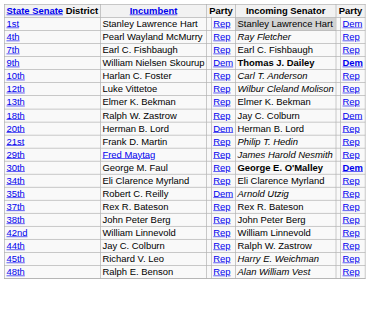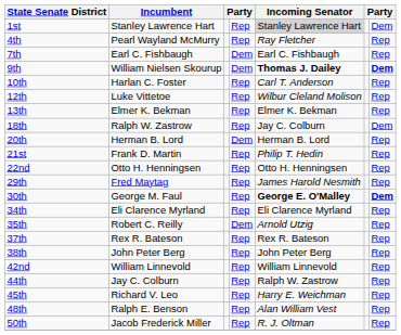 <table class="sortable wikitable" style="font-size:95%;line-height:14px;">
 <tr>
 <th class="unsortable"><a href='#'>State Senate</a> District</th>
 <th class="unsortable"><a href='#'>Incumbent</a></th>
 <th colspan="2">Party</th>
 <th class="unsortable">Incoming Senator</th>
 <th colspan="2">Party</th>
 </tr>
 <tr>
 <td><a href='#'>1st</a></td>
 <td>Stanley Lawrence Hart</td>
 <td style="background:"></td>
 <td><a href='#'>Rep</a></td>
 <td style="background: lightgrey;">Stanley Lawrence Hart</td>
 <td style="background:"></td>
 <td><a href='#'>Dem</a></td>
 </tr>
 <tr>
 <td><a href='#'>4th</a></td>
 <td>Pearl Wayland McMurry</td>
 <td style="background:"></td>
 <td><a href='#'>Rep</a></td>
 <td><em>Ray Fletcher</em></td>
 <td style="background:"></td>
 <td><a href='#'>Rep</a></td>
 </tr>
 <tr>
 <td><a href='#'>7th</a></td>
 <td>Earl C. Fishbaugh</td>
 <td style="background:"></td>
-<td><a href='#'>Rep</a></td>
+<td><a href='#'>Dem</a></td>
 <td>Earl C. Fishbaugh</td>
 <td style="background:"></td>
 <td><a href='#'>Rep</a></td>
 </tr>
 <tr>
 <td><a href='#'>9th</a></td>
 <td>William Nielsen Skourup</td>
 <td style="background:"></td>
 <td><a href='#'>Dem</a></td>
 <td><strong>Thomas J. Dailey</strong></td>
 <td style="background:"></td>
 <td><strong><a href='#'>Dem</a></strong></td>
 </tr>
 <tr>
 <td><a href='#'>10th</a></td>
 <td>Harlan C. Foster</td>
 <td style="background:"></td>
 <td><a href='#'>Rep</a></td>
 <td><em>Carl T. Anderson</em></td>
 <td style="background:"></td>
 <td><a href='#'>Rep</a></td>
 </tr>
 <tr>
 <td><a href='#'>12th</a></td>
 <td>Luke Vittetoe</td>
 <td style="background:"></td>
 <td><a href='#'>Rep</a></td>
 <td><em>Wilbur Cleland Molison</em></td>
 <td style="background:"></td>
 <td><a href='#'>Rep</a></td>
 </tr>
 <tr>
 <td><a href='#'>13th</a></td>
 <td>Elmer K. Bekman</td>
 <td style="background:"></td>
 <td><a href='#'>Rep</a></td>
 <td>Elmer K. Bekman</td>
 <td style="background:"></td>
 <td><a href='#'>Rep</a></td>
 </tr>
 <tr>
 <td><a href='#'>18th</a></td>
 <td>Ralph W. Zastrow</td>
 <td style="background:"></td>
 <td><a href='#'>Rep</a></td>
 <td>Jay C. Colburn</td>
 <td style="background:"></td>
 <td><a href='#'>Dem</a></td>
 </tr>
 <tr>
 <td><a href='#'>20th</a></td>
 <td>Herman B. Lord</td>
 <td style="background:"></td>
 <td><a href='#'>Dem</a></td>
 <td>Herman B. Lord</td>
 <td style="background:"></td>
 <td><a href='#'>Rep</a></td>
 </tr>
 <tr>
 <td><a href='#'>21st</a></td>
 <td>Frank D. Martin</td>
 <td style="background:"></td>
 <td><a href='#'>Rep</a></td>
 <td><em>Philip T. Hedin</em></td>
+<td style="background:"></td>
+<td><a href='#'>Rep</a></td>
+</tr>
+<tr>
+<td><a href='#'>22nd</a></td>
+<td>Otto H. Henningsen</td>
+<td style="background:"></td>
+<td><a href='#'>Rep</a></td>
+<td>Otto H. Henningsen</td>
 <td style="background:"></td>
 <td><a href='#'>Rep</a></td>
 </tr>
 <tr>
 <td><a href='#'>29th</a></td>
 <td><a href='#'>Fred Maytag</a></td>
 <td style="background:"></td>
 <td><a href='#'>Rep</a></td>
 <td><em>James Harold Nesmith</em></td>
 <td style="background:"></td>
 <td><a href='#'>Rep</a></td>
 </tr>
 <tr>
 <td><a href='#'>30th</a></td>
 <td>George M. Faul</td>
 <td style="background:"></td>
 <td><a href='#'>Rep</a></td>
 <td><strong>George E. O'Malley</strong></td>
 <td style="background:"></td>
 <td><strong><a href='#'>Dem</a></strong></td>
 </tr>
 <tr>
 <td><a href='#'>34th</a></td>
 <td>Eli Clarence Myrland</td>
 <td style="background:"></td>
 <td><a href='#'>Rep</a></td>
 <td>Eli Clarence Myrland</td>
 <td style="background:"></td>
 <td><a href='#'>Rep</a></td>
 </tr>
 <tr>
 <td><a href='#'>35th</a></td>
 <td>Robert C. Reilly</td>
 <td style="background:"></td>
 <td><a href='#'>Dem</a></td>
 <td><em>Arnold Utzig</em></td>
 <td style="background:"></td>
 <td><a href='#'>Rep</a></td>
 </tr>
 <tr>
 <td><a href='#'>37th</a></td>
 <td>Rex R. Bateson</td>
 <td style="background:"></td>
 <td><a href='#'>Rep</a></td>
 <td>Rex R. Bateson</td>
 <td style="background:"></td>
 <td><a href='#'>Rep</a></td>
 </tr>
 <tr>
 <td><a href='#'>38th</a></td>
 <td>John Peter Berg</td>
 <td style="background:"></td>
 <td><a href='#'>Rep</a></td>
 <td>John Peter Berg</td>
 <td style="background:"></td>
 <td><a href='#'>Rep</a></td>
 </tr>
 <tr>
 <td><a href='#'>42nd</a></td>
 <td>William Linnevold</td>
 <td style="background:"></td>
 <td><a href='#'>Rep</a></td>
 <td>William Linnevold</td>
 <td style="background:"></td>
 <td><a href='#'>Rep</a></td>
 </tr>
 <tr>
 <td><a href='#'>44th</a></td>
 <td>Jay C. Colburn</td>
 <td style="background:"></td>
 <td><a href='#'>Rep</a></td>
 <td>Ralph W. Zastrow</td>
 <td style="background:"></td>
 <td><a href='#'>Rep</a></td>
 </tr>
 <tr>
 <td><a href='#'>45th</a></td>
 <td>Richard V. Leo</td>
 <td style="background:"></td>
 <td><a href='#'>Rep</a></td>
 <td><em>Harry E. Weichman</em></td>
 <td style="background:"></td>
 <td><a href='#'>Rep</a></td>
 </tr>
 <tr>
 <td><a href='#'>48th</a></td>
 <td>Ralph E. Benson</td>
 <td style="background:"></td>
 <td><a href='#'>Rep</a></td>
 <td><em>Alan William Vest</em></td>
 <td style="background:"></td>
 <td><a href='#'>Rep</a></td>
 </tr>
 <tr>
+<td><a href='#'>50th</a></td>
+<td>Jacob Frederick Miller</td>
+<td style="background:"></td>
+<td><a href='#'>Rep</a></td>
+<td><em>R. J. Oltman</em></td>
+<td style="background:"></td>
+<td><a href='#'>Rep</a></td>
+</tr>
+<tr>
 </tr>
 </table>
